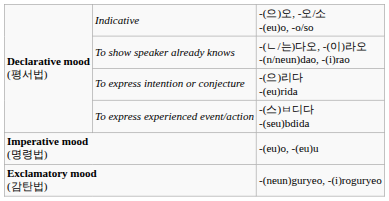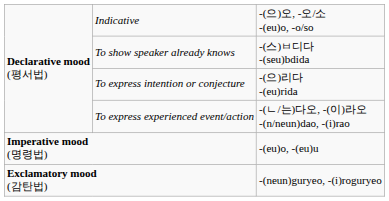 <table class="wikitable">
 <tr>
 <td rowspan="4"><strong>Declarative mood</strong><br>(평서법)</td>
 <td><em>Indicative</em></td>
 <td>-(으)오, -오/소<br>-(eu)o, -o/so</td>
 </tr>
 <tr>
 <td><em>To show speaker already knows</em></td>
-<td>-(ㄴ/는)다오,  -(이)라오<br>-(n/neun)dao, -(i)rao</td>
+<td>-(스)ㅂ디다<br>-(seu)bdida</td>
 </tr>
 <tr>
 <td><em>To express intention or conjecture</em></td>
 <td>-(으)리다<br>-(eu)rida</td>
 </tr>
 <tr>
 <td><em>To express experienced event/action</em></td>
-<td>-(스)ㅂ디다<br>-(seu)bdida</td>
+<td>-(ㄴ/는)다오,  -(이)라오<br>-(n/neun)dao, -(i)rao</td>
 </tr>
 <tr>
 <td colspan="2"><strong>Imperative mood</strong><br>(명령법)</td>
 <td>-(eu)o, -(eu)u</td>
 </tr>
 <tr>
 <td colspan="2"><strong>Exclamatory mood</strong><br>(감탄법)</td>
 <td>-(neun)guryeo, -(i)roguryeo</td>
 </tr>
 </table>
